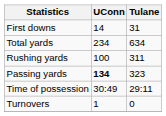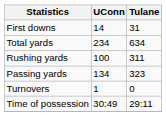 <table class="wikitable" style="float: left;">
 <tr>
 <th>Statistics</th>
 <th>UConn</th>
 <th>Tulane</th>
 </tr>
 <tr>
 <td>First downs</td>
 <td>14</td>
 <td>31</td>
 </tr>
 <tr>
 <td>Total yards</td>
 <td>234</td>
 <td>634</td>
 </tr>
 <tr>
 <td>Rushing yards</td>
 <td>100</td>
 <td>311</td>
 </tr>
 <tr>
 <td>Passing yards</td>
-<td><strong>134</strong></td>
+<td>134</td>
 <td>323</td>
+</tr>
+<tr>
+<td>Turnovers</td>
+<td>1</td>
+<td>0</td>
 </tr>
 <tr>
 <td>Time of possession</td>
 <td>30:49</td>
 <td>29:11</td>
 </tr>
 <tr>
-<td>Turnovers</td>
-<td>1</td>
-<td>0</td>
-</tr>
-<tr>
 </tr>
 </table>
